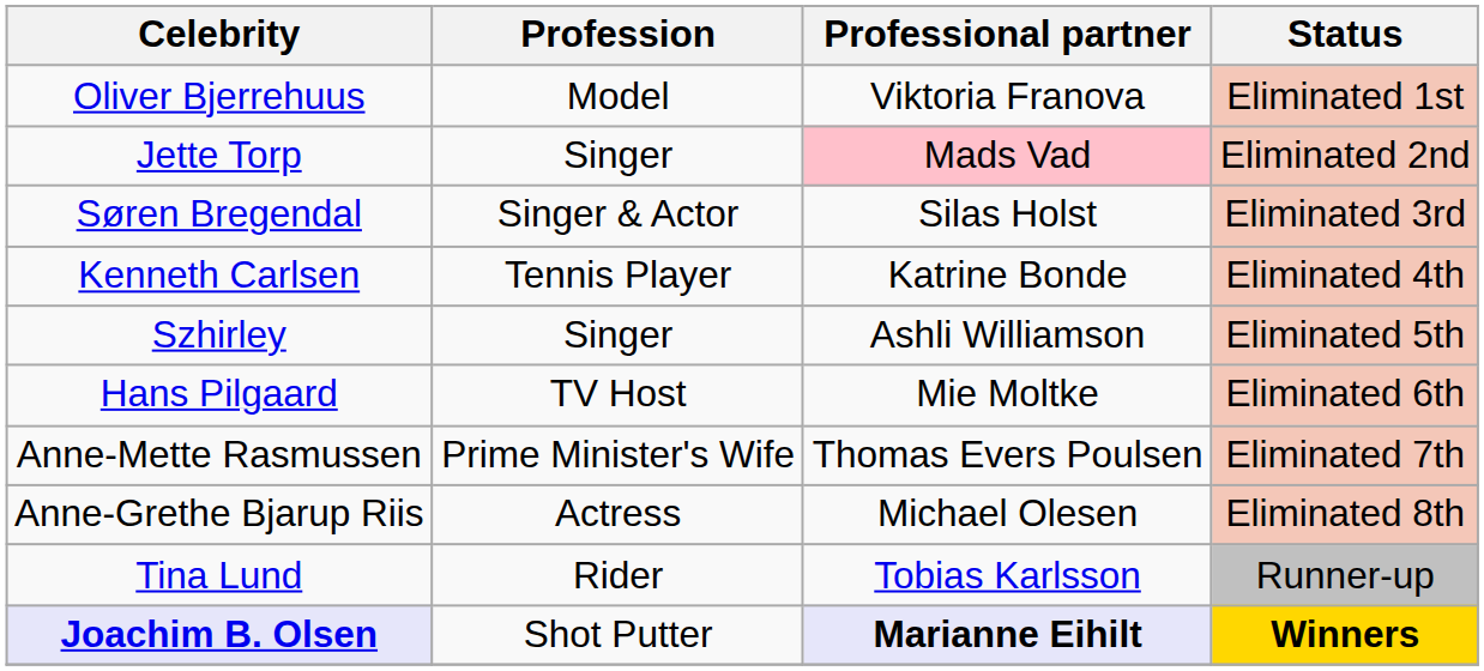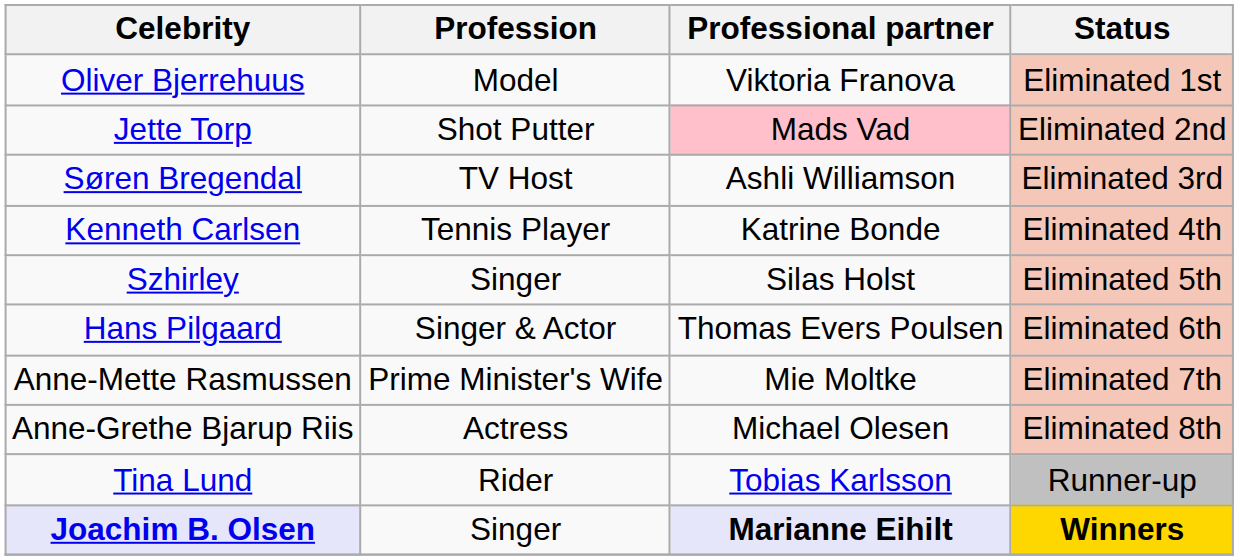 <table class= "wikitable sortable" style="text-align: center; margin:auto; align: center">
 <tr>
 <th>Celebrity</th>
 <th>Profession</th>
 <th>Professional partner</th>
 <th>Status</th>
 </tr>
 <tr>
 <td><a href='#'>Oliver Bjerrehuus</a></td>
 <td>Model</td>
 <td>Viktoria Franova</td>
 <td style="background:#f4c7b8;">Eliminated 1st</td>
 </tr>
 <tr>
 <td><a href='#'>Jette Torp</a></td>
-<td>Singer</td>
+<td>Shot Putter</td>
 <td style="background: pink;">Mads Vad</td>
 <td style="background:#f4c7b8;">Eliminated 2nd</td>
 </tr>
 <tr>
 <td><a href='#'>Søren Bregendal</a></td>
-<td>Singer & Actor</td>
-<td>Silas Holst</td>
+<td>TV Host</td>
+<td>Ashli Williamson</td>
 <td style="background:#f4c7b8;">Eliminated 3rd</td>
 </tr>
 <tr>
 <td><a href='#'>Kenneth Carlsen</a></td>
 <td>Tennis Player</td>
 <td>Katrine Bonde</td>
 <td style="background:#f4c7b8;">Eliminated 4th</td>
 </tr>
 <tr>
 <td><a href='#'>Szhirley</a></td>
 <td>Singer</td>
-<td>Ashli Williamson</td>
+<td>Silas Holst</td>
 <td style="background:#f4c7b8;">Eliminated 5th</td>
 </tr>
 <tr>
 <td><a href='#'>Hans Pilgaard</a></td>
-<td>TV Host</td>
-<td>Mie Moltke</td>
+<td>Singer & Actor</td>
+<td>Thomas Evers Poulsen</td>
 <td style="background:#f4c7b8;">Eliminated 6th</td>
 </tr>
 <tr>
 <td>Anne-Mette Rasmussen</td>
 <td>Prime Minister's Wife</td>
-<td>Thomas Evers Poulsen</td>
+<td>Mie Moltke</td>
 <td style="background:#f4c7b8;">Eliminated 7th</td>
 </tr>
 <tr>
 <td>Anne-Grethe Bjarup Riis</td>
 <td>Actress</td>
 <td>Michael Olesen</td>
 <td style="background:#f4c7b8;">Eliminated 8th</td>
 </tr>
 <tr>
 <td><a href='#'>Tina Lund</a></td>
 <td>Rider</td>
 <td><a href='#'>Tobias Karlsson</a></td>
 <td style="background:silver;">Runner-up</td>
 </tr>
 <tr>
 <td style="background:lavender;"><strong><a href='#'>Joachim B. Olsen</a></strong></td>
-<td>Shot Putter</td>
+<td>Singer</td>
 <td style="background:lavender;"><strong>Marianne Eihilt</strong></td>
 <td style="background:gold;"><strong>Winners</strong></td>
 </tr>
 <tr>
 </tr>
 </table>
